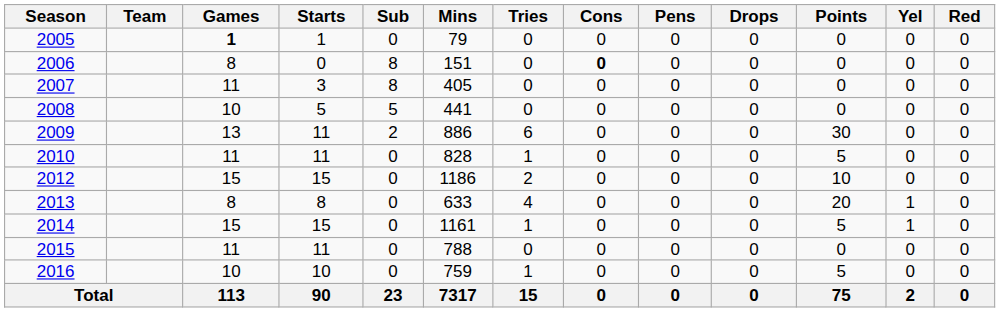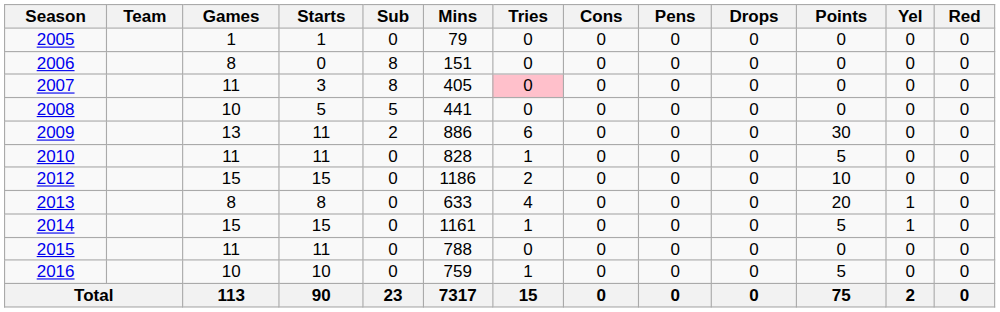 <table class="wikitable" style="text-align:center; line-height:90%; font-size:95%; width:70%;">
 <tr>
 <th>Season</th>
 <th>Team</th>
 <th>Games</th>
 <th>Starts</th>
 <th>Sub</th>
 <th>Mins</th>
 <th>Tries</th>
 <th>Cons</th>
 <th>Pens</th>
 <th>Drops</th>
 <th>Points</th>
 <th>Yel</th>
 <th>Red</th>
 </tr>
 <tr>
 <td><a href='#'>2005</a></td>
 <td></td>
-<td><strong>1</strong></td>
+<td>1</td>
 <td>1</td>
 <td>0</td>
 <td>79</td>
 <td>0</td>
 <td>0</td>
 <td>0</td>
 <td>0</td>
 <td>0</td>
 <td>0</td>
 <td>0</td>
 </tr>
 <tr>
 <td><a href='#'>2006</a></td>
 <td></td>
 <td>8</td>
 <td>0</td>
 <td>8</td>
 <td>151</td>
 <td>0</td>
-<td><strong>0</strong></td>
+<td>0</td>
 <td>0</td>
 <td>0</td>
 <td>0</td>
 <td>0</td>
 <td>0</td>
 </tr>
 <tr>
 <td><a href='#'>2007</a></td>
 <td></td>
 <td>11</td>
 <td>3</td>
 <td>8</td>
 <td>405</td>
-<td>0</td>
+<td style="background: pink;">0</td>
 <td>0</td>
 <td>0</td>
 <td>0</td>
 <td>0</td>
 <td>0</td>
 <td>0</td>
 </tr>
 <tr>
 <td><a href='#'>2008</a></td>
 <td></td>
 <td>10</td>
 <td>5</td>
 <td>5</td>
 <td>441</td>
 <td>0</td>
 <td>0</td>
 <td>0</td>
 <td>0</td>
 <td>0</td>
 <td>0</td>
 <td>0</td>
 </tr>
 <tr>
 <td><a href='#'>2009</a></td>
 <td></td>
 <td>13</td>
 <td>11</td>
 <td>2</td>
 <td>886</td>
 <td>6</td>
 <td>0</td>
 <td>0</td>
 <td>0</td>
 <td>30</td>
 <td>0</td>
 <td>0</td>
 </tr>
 <tr>
 <td><a href='#'>2010</a></td>
 <td></td>
 <td>11</td>
 <td>11</td>
 <td>0</td>
 <td>828</td>
 <td>1</td>
 <td>0</td>
 <td>0</td>
 <td>0</td>
 <td>5</td>
 <td>0</td>
 <td>0</td>
 </tr>
 <tr>
 <td><a href='#'>2012</a></td>
 <td></td>
 <td>15</td>
 <td>15</td>
 <td>0</td>
 <td>1186</td>
 <td>2</td>
 <td>0</td>
 <td>0</td>
 <td>0</td>
 <td>10</td>
 <td>0</td>
 <td>0</td>
 </tr>
 <tr>
 <td><a href='#'>2013</a></td>
 <td></td>
 <td>8</td>
 <td>8</td>
 <td>0</td>
 <td>633</td>
 <td>4</td>
 <td>0</td>
 <td>0</td>
 <td>0</td>
 <td>20</td>
 <td>1</td>
 <td>0</td>
 </tr>
 <tr>
 <td><a href='#'>2014</a></td>
 <td></td>
 <td>15</td>
 <td>15</td>
 <td>0</td>
 <td>1161</td>
 <td>1</td>
 <td>0</td>
 <td>0</td>
 <td>0</td>
 <td>5</td>
 <td>1</td>
 <td>0</td>
 </tr>
 <tr>
 <td><a href='#'>2015</a></td>
 <td></td>
 <td>11</td>
 <td>11</td>
 <td>0</td>
 <td>788</td>
 <td>0</td>
 <td>0</td>
 <td>0</td>
 <td>0</td>
 <td>0</td>
 <td>0</td>
 <td>0</td>
 </tr>
 <tr>
 <td><a href='#'>2016</a></td>
 <td></td>
 <td>10</td>
 <td>10</td>
 <td>0</td>
 <td>759</td>
 <td>1</td>
 <td>0</td>
 <td>0</td>
 <td>0</td>
 <td>5</td>
 <td>0</td>
 <td>0</td>
 </tr>
 <tr>
 <th colspan="2">Total</th>
 <th>113</th>
 <th>90</th>
 <th>23</th>
 <th>7317</th>
 <th>15</th>
 <th>0</th>
 <th>0</th>
 <th>0</th>
 <th>75</th>
 <th>2</th>
 <th>0</th>
 </tr>
 </table>
